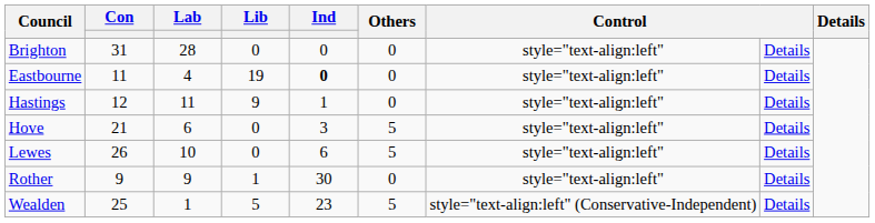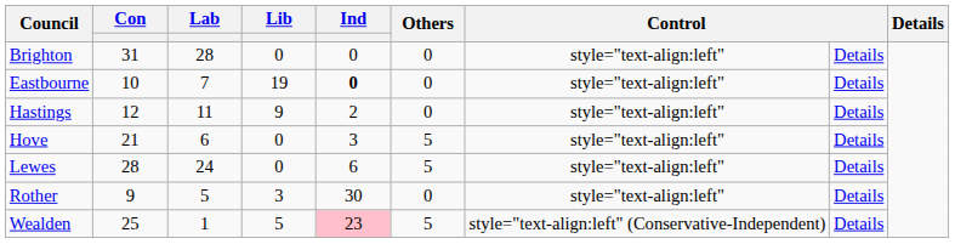 <table class="wikitable" style="text-align:center;">
 <tr>
 <th rowspan=2>Council</th>
 <th style="width:60px;"><a href='#'>Con</a></th>
 <th style="width:60px;"><a href='#'>Lab</a></th>
 <th style="width:60px;"><a href='#'>Lib</a></th>
 <th style="width:60px;"><a href='#'>Ind</a></th>
 <th style="width:60px;" rowspan=2>Others</th>
 <th rowspan=2 colspan=2>Control</th>
 <th rowspan=2>Details</th>
 </tr>
 <tr>
 <th style="background:"></th>
 <th style="background:"></th>
 <th style="background:"></th>
 <th style="background:"></th>
 </tr>
 <tr>
 <td style="text-align:left"><a href='#'>Brighton</a></td>
 <td>31</td>
 <td>28</td>
 <td>0</td>
 <td>0</td>
 <td>0</td>
 <td>style="text-align:left" </td>
 <td style="text-align:left"><a href='#'>Details</a></td>
 </tr>
 <tr>
 <td style="text-align:left"><a href='#'>Eastbourne</a></td>
-<td>11</td>
-<td>4</td>
+<td>10</td>
+<td>7</td>
 <td>19</td>
 <td><strong>0</strong></td>
 <td>0</td>
 <td>style="text-align:left" </td>
 <td style="text-align:left"><a href='#'>Details</a></td>
 </tr>
 <tr>
 <td style="text-align:left"><a href='#'>Hastings</a></td>
 <td>12</td>
 <td>11</td>
 <td>9</td>
-<td>1</td>
+<td>2</td>
 <td>0</td>
 <td>style="text-align:left" </td>
 <td style="text-align:left"><a href='#'>Details</a></td>
 </tr>
 <tr>
 <td style="text-align:left"><a href='#'>Hove</a></td>
 <td>21</td>
 <td>6</td>
 <td>0</td>
 <td>3</td>
 <td>5</td>
 <td>style="text-align:left" </td>
 <td style="text-align:left"><a href='#'>Details</a></td>
 </tr>
 <tr>
 <td style="text-align:left"><a href='#'>Lewes</a></td>
-<td>26</td>
-<td>10</td>
+<td>28</td>
+<td>24</td>
 <td>0</td>
 <td>6</td>
 <td>5</td>
 <td>style="text-align:left" </td>
 <td style="text-align:left"><a href='#'>Details</a></td>
 </tr>
 <tr>
 <td style="text-align:left"><a href='#'>Rother</a></td>
 <td>9</td>
-<td>9</td>
-<td>1</td>
+<td>5</td>
+<td>3</td>
 <td>30</td>
 <td>0</td>
 <td>style="text-align:left" </td>
 <td style="text-align:left"><a href='#'>Details</a></td>
 </tr>
 <tr>
 <td style="text-align:left"><a href='#'>Wealden</a></td>
 <td>25</td>
 <td>1</td>
 <td>5</td>
-<td>23</td>
+<td style="background: pink;">23</td>
 <td>5</td>
 <td>style="text-align:left"  (Conservative-Independent)</td>
 <td style="text-align:left"><a href='#'>Details</a></td>
 </tr>
 </table>
